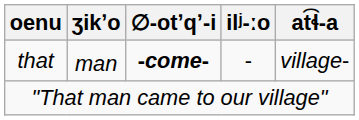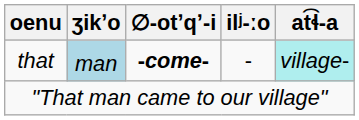 <table class="wikitable" style="text-align: center;">
 <tr>
 <th>oenu</th>
 <th>ʒikʼo</th>
 <th>∅-otʼqʼ-i</th>
 <th>ilʲ-ːo</th>
 <th>at͡ɬ-a</th>
 </tr>
 <tr>
 <td><span></span><em>that</em></td>
-<td><em>man</em><sup><span></span></sup></td>
+<td style="background: lightblue;"><em>man</em><sup><span></span></sup></td>
 <td><strong><span></span>-<em>come</em>-<span></span></strong></td>
 <td><span></span>-<span></span></td>
-<td><em>village</em>-<span></span></td>
+<td style="background: paleturquoise;"><em>village</em>-<span></span></td>
 </tr>
 <tr>
 <td colspan="5"><em>"That man came to our village"</em></td>
 </tr>
 </table>
